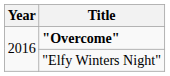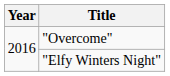 <table class="wikitable">
 <tr>
 <th>Year</th>
 <th>Title</th>
 </tr>
 <tr>
 <td rowspan="2">2016</td>
-<td><strong>"Overcome"</strong></td>
+<td>"Overcome"</td>
 </tr>
 <tr>
 <td>"Elfy Winters Night"</td>
 </tr>
 </table>
